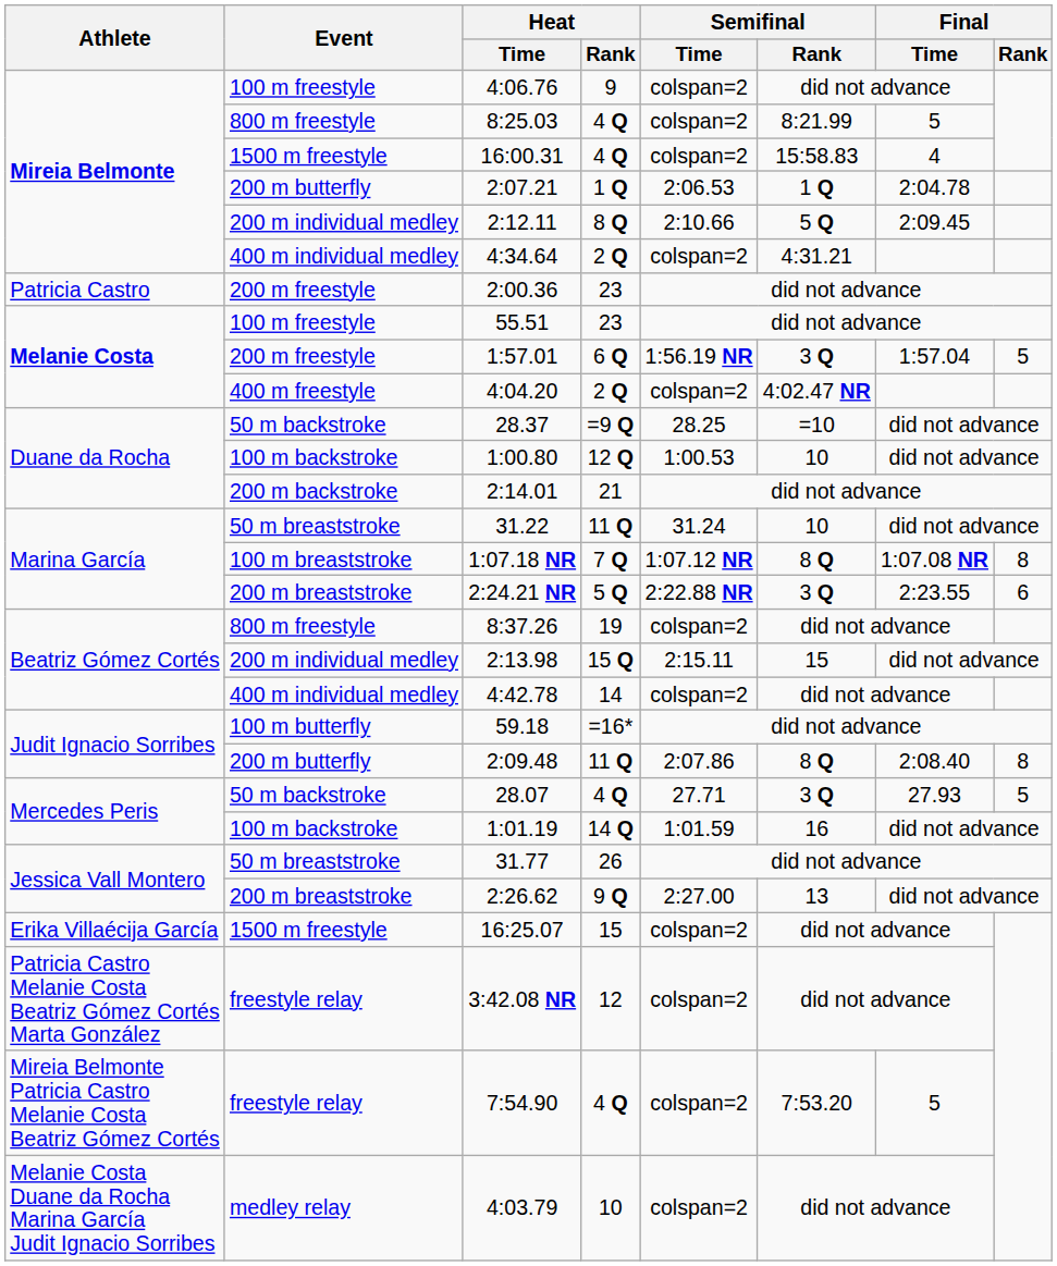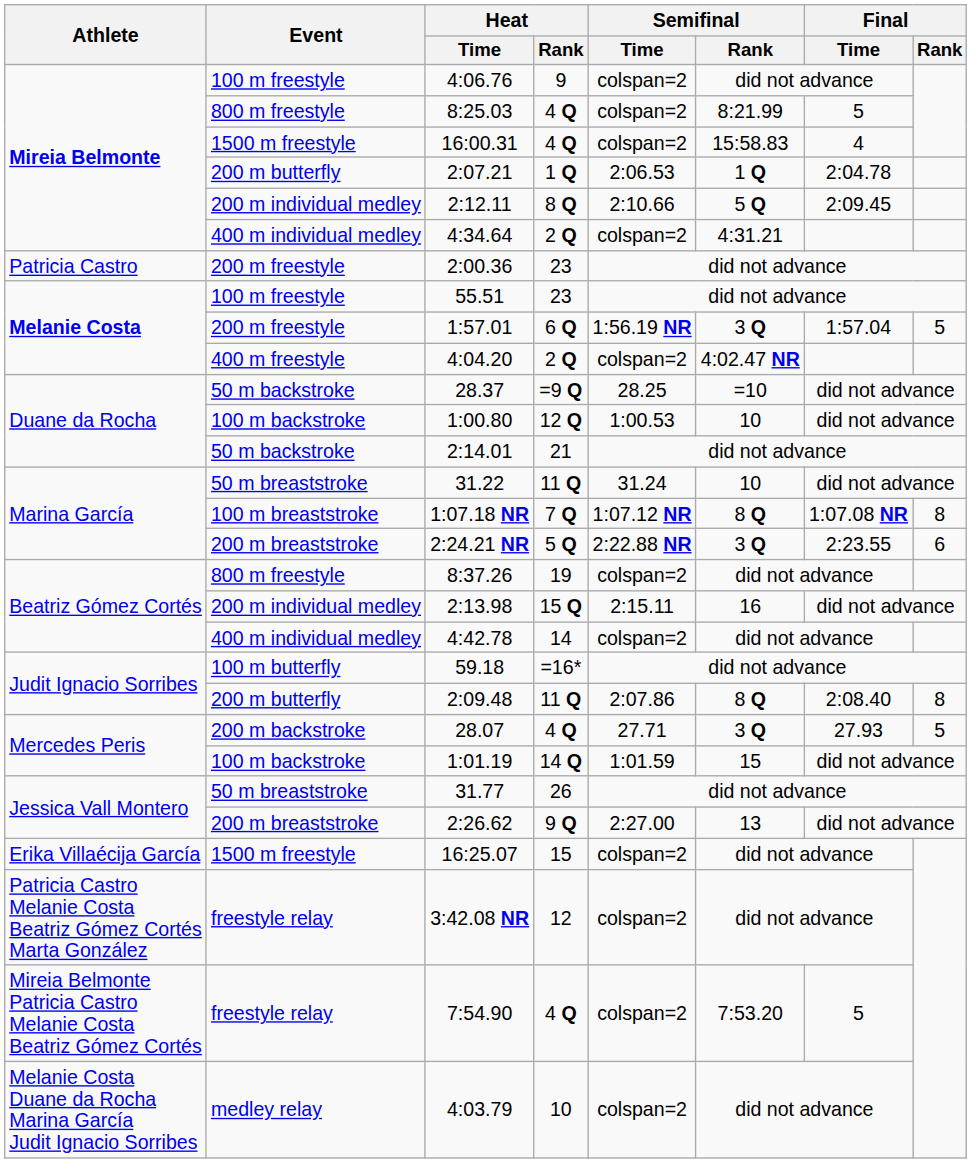 <table class=wikitable style="font-size:90%">
 <tr>
 <th rowspan="2">Athlete</th>
 <th rowspan="2">Event</th>
 <th colspan="2">Heat</th>
 <th colspan="2">Semifinal</th>
 <th colspan="2">Final</th>
 </tr>
 <tr style="font-size:95%">
 <th>Time</th>
 <th>Rank</th>
 <th>Time</th>
 <th>Rank</th>
 <th>Time</th>
 <th>Rank</th>
 </tr>
 <tr align=center>
 <td align=left rowspan=6><strong><a href='#'>Mireia Belmonte</a></strong></td>
 <td align=left><a href='#'>100 m freestyle</a></td>
 <td>4:06.76</td>
 <td>9</td>
 <td>colspan=2 </td>
 <td colspan=2>did not advance</td>
 </tr>
 <tr align=center>
 <td align=left><a href='#'>800 m freestyle</a></td>
 <td>8:25.03</td>
 <td>4 <strong>Q</strong></td>
 <td>colspan=2 </td>
 <td>8:21.99</td>
 <td>5</td>
 </tr>
 <tr align=center>
 <td align=left><a href='#'>1500 m freestyle</a></td>
 <td>16:00.31</td>
 <td>4 <strong>Q</strong></td>
 <td>colspan=2 </td>
 <td>15:58.83</td>
 <td>4</td>
 </tr>
 <tr align=center>
 <td align=left><a href='#'>200 m butterfly</a></td>
 <td>2:07.21</td>
 <td>1 <strong>Q</strong></td>
 <td>2:06.53</td>
 <td>1 <strong>Q</strong></td>
 <td>2:04.78</td>
 <td></td>
 </tr>
 <tr align=center>
 <td align=left><a href='#'>200 m individual medley</a></td>
 <td>2:12.11</td>
 <td>8 <strong>Q</strong></td>
 <td>2:10.66</td>
 <td>5 <strong>Q</strong></td>
 <td>2:09.45</td>
 <td></td>
 </tr>
 <tr align=center>
 <td align=left><a href='#'>400 m individual medley</a></td>
 <td>4:34.64</td>
 <td>2 <strong>Q</strong></td>
 <td>colspan=2 </td>
 <td>4:31.21</td>
 <td></td>
 </tr>
 <tr align=center>
 <td align=left><a href='#'>Patricia Castro</a></td>
 <td align=left><a href='#'>200 m freestyle</a></td>
 <td>2:00.36</td>
 <td>23</td>
 <td colspan=4>did not advance</td>
 </tr>
 <tr align=center>
 <td align=left rowspan=3><strong><a href='#'>Melanie Costa</a></strong></td>
 <td align=left><a href='#'>100 m freestyle</a></td>
 <td>55.51</td>
 <td>23</td>
 <td colspan=4>did not advance</td>
 </tr>
 <tr align=center>
 <td align=left><a href='#'>200 m freestyle</a></td>
 <td>1:57.01</td>
 <td>6 <strong>Q</strong></td>
 <td>1:56.19 <strong><a href='#'>NR</a></strong></td>
 <td>3 <strong>Q</strong></td>
 <td>1:57.04</td>
 <td>5</td>
 </tr>
 <tr align=center>
 <td align=left><a href='#'>400 m freestyle</a></td>
 <td>4:04.20</td>
 <td>2 <strong>Q</strong></td>
 <td>colspan=2 </td>
 <td>4:02.47 <strong><a href='#'>NR</a></strong></td>
 <td></td>
 </tr>
 <tr align=center>
 <td align=left rowspan=3><a href='#'>Duane da Rocha</a></td>
 <td align=left><a href='#'>50 m backstroke</a></td>
 <td>28.37</td>
 <td>=9 <strong>Q</strong></td>
 <td>28.25</td>
 <td>=10</td>
 <td colspan=2>did not advance</td>
 </tr>
 <tr align=center>
 <td align=left><a href='#'>100 m backstroke</a></td>
 <td>1:00.80</td>
 <td>12 <strong>Q</strong></td>
 <td>1:00.53</td>
 <td>10</td>
 <td colspan=2>did not advance</td>
 </tr>
 <tr align=center>
-<td align=left><a href='#'>200 m backstroke</a></td>
+<td align=left><a href='#'>50 m backstroke</a></td>
 <td>2:14.01</td>
 <td>21</td>
 <td colspan=4>did not advance</td>
 </tr>
 <tr align=center>
 <td align=left rowspan=3><a href='#'>Marina García</a></td>
 <td align=left><a href='#'>50 m breaststroke</a></td>
 <td>31.22</td>
 <td>11 <strong>Q</strong></td>
 <td>31.24</td>
 <td>10</td>
 <td colspan=2>did not advance</td>
 </tr>
 <tr align=center>
 <td align=left><a href='#'>100 m breaststroke</a></td>
 <td>1:07.18 <strong><a href='#'>NR</a></strong></td>
 <td>7 <strong>Q</strong></td>
 <td>1:07.12 <strong><a href='#'>NR</a></strong></td>
 <td>8 <strong>Q</strong></td>
 <td>1:07.08 <strong><a href='#'>NR</a></strong></td>
 <td>8</td>
 </tr>
 <tr align=center>
 <td align=left><a href='#'>200 m breaststroke</a></td>
 <td>2:24.21 <strong><a href='#'>NR</a></strong></td>
 <td>5 <strong>Q</strong></td>
 <td>2:22.88 <strong><a href='#'>NR</a></strong></td>
 <td>3 <strong>Q</strong></td>
 <td>2:23.55</td>
 <td>6</td>
 </tr>
 <tr align=center>
 <td align=left rowspan=3><a href='#'>Beatriz Gómez Cortés</a></td>
 <td align=left><a href='#'>800 m freestyle</a></td>
 <td>8:37.26</td>
 <td>19</td>
 <td>colspan=2 </td>
 <td colspan=2>did not advance</td>
 </tr>
 <tr align=center>
 <td align=left><a href='#'>200 m individual medley</a></td>
 <td>2:13.98</td>
 <td>15 <strong>Q</strong></td>
 <td>2:15.11</td>
-<td>15</td>
+<td>16</td>
 <td colspan=2>did not advance</td>
 </tr>
 <tr align=center>
 <td align=left><a href='#'>400 m individual medley</a></td>
 <td>4:42.78</td>
 <td>14</td>
 <td>colspan=2 </td>
 <td colspan=2>did not advance</td>
 </tr>
 <tr align=center>
 <td align=left rowspan=2><a href='#'>Judit Ignacio Sorribes</a></td>
 <td align=left><a href='#'>100 m butterfly</a></td>
 <td>59.18</td>
 <td>=16*</td>
 <td colspan=4>did not advance</td>
 </tr>
 <tr align=center>
 <td align=left><a href='#'>200 m butterfly</a></td>
 <td>2:09.48</td>
 <td>11 <strong>Q</strong></td>
 <td>2:07.86</td>
 <td>8 <strong>Q</strong></td>
 <td>2:08.40</td>
 <td>8</td>
 </tr>
 <tr align=center>
 <td align=left rowspan=2><a href='#'>Mercedes Peris</a></td>
-<td align=left><a href='#'>50 m backstroke</a></td>
+<td align=left><a href='#'>200 m backstroke</a></td>
 <td>28.07</td>
 <td>4 <strong>Q</strong></td>
 <td>27.71</td>
 <td>3 <strong>Q</strong></td>
 <td>27.93</td>
 <td>5</td>
 </tr>
 <tr align=center>
 <td align=left><a href='#'>100 m backstroke</a></td>
 <td>1:01.19</td>
 <td>14 <strong>Q</strong></td>
 <td>1:01.59</td>
-<td>16</td>
+<td>15</td>
 <td colspan=2>did not advance</td>
 </tr>
 <tr align=center>
 <td align=left rowspan=2><a href='#'>Jessica Vall Montero</a></td>
 <td align=left><a href='#'>50 m breaststroke</a></td>
 <td>31.77</td>
 <td>26</td>
 <td colspan=4>did not advance</td>
 </tr>
 <tr align=center>
 <td align=left><a href='#'>200 m breaststroke</a></td>
 <td>2:26.62</td>
 <td>9 <strong>Q</strong></td>
 <td>2:27.00</td>
 <td>13</td>
 <td colspan=2>did not advance</td>
 </tr>
 <tr align=center>
 <td align=left><a href='#'>Erika Villaécija García</a></td>
 <td align=left><a href='#'>1500 m freestyle</a></td>
 <td>16:25.07</td>
 <td>15</td>
 <td>colspan=2 </td>
 <td colspan=2>did not advance</td>
 </tr>
 <tr align=center>
 <td align=left><a href='#'>Patricia Castro</a><br><a href='#'>Melanie Costa</a><br><a href='#'>Beatriz Gómez Cortés</a><br><a href='#'>Marta González</a></td>
 <td align=left><a href='#'> freestyle relay</a></td>
 <td>3:42.08 <strong><a href='#'>NR</a></strong></td>
 <td>12</td>
 <td>colspan=2 </td>
 <td colspan=2>did not advance</td>
 </tr>
 <tr align=center>
 <td align=left><a href='#'>Mireia Belmonte</a><br><a href='#'>Patricia Castro</a><br><a href='#'>Melanie Costa</a><br><a href='#'>Beatriz Gómez Cortés</a></td>
 <td align=left><a href='#'> freestyle relay</a></td>
 <td>7:54.90</td>
 <td>4 <strong>Q</strong></td>
 <td>colspan=2 </td>
 <td>7:53.20</td>
 <td>5</td>
 </tr>
 <tr align=center>
 <td align=left><a href='#'>Melanie Costa</a><br><a href='#'>Duane da Rocha</a><br><a href='#'>Marina García</a><br><a href='#'>Judit Ignacio Sorribes</a></td>
 <td align=left><a href='#'> medley relay</a></td>
 <td>4:03.79</td>
 <td>10</td>
 <td>colspan=2 </td>
 <td colspan=2>did not advance</td>
 </tr>
 </table>
